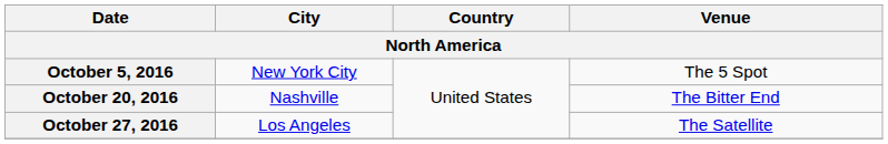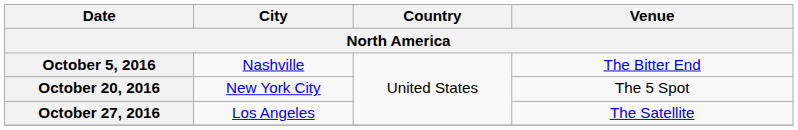 <table class="wikitable plainrowheaders" style="text-align:center;">
 <tr>
 <th scope="col" style="width:12em;">Date</th>
 <th scope="col" style="width:10em;">City</th>
 <th scope="col" style="width:10em;">Country</th>
 <th scope="col" style="width:18em;">Venue</th>
 </tr>
 <tr>
 <th colspan="7">North America</th>
 </tr>
 <tr>
 <th scope="row" style="text-align:center">October 5, 2016</th>
-<td><a href='#'>New York City</a></td>
+<td><a href='#'>Nashville</a></td>
 <td rowspan="3">United States</td>
-<td>The 5 Spot</td>
+<td><a href='#'>The Bitter End</a></td>
 </tr>
 <tr>
 <th scope="row" style="text-align:center">October 20, 2016</th>
-<td><a href='#'>Nashville</a></td>
-<td><a href='#'>The Bitter End</a></td>
+<td><a href='#'>New York City</a></td>
+<td>The 5 Spot</td>
 </tr>
 <tr>
 <th scope="row" style="text-align:center">October 27, 2016</th>
 <td><a href='#'>Los Angeles</a></td>
 <td><a href='#'>The Satellite</a></td>
 </tr>
 <tr>
 </tr>
 </table>
